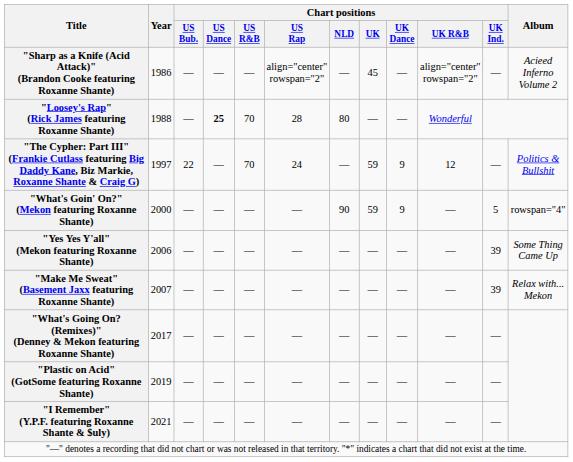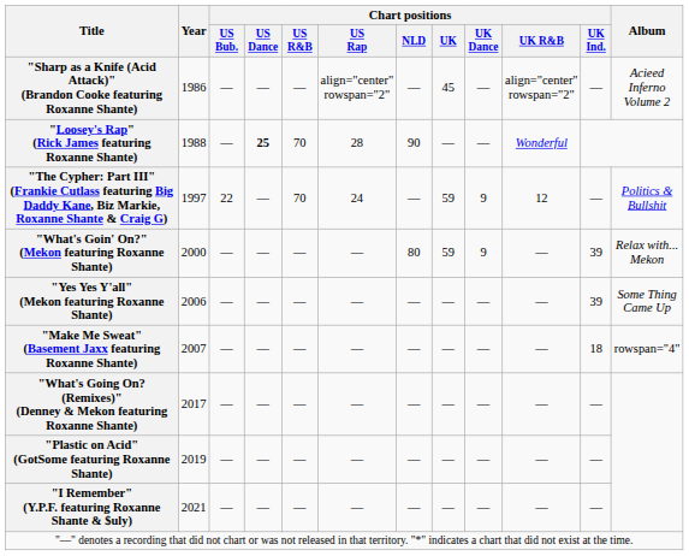 <table class="wikitable plainrowheaders" style="text-align:center;" border="1">
 <tr>
 <th scope="col" rowspan="2" style="width:18em;">Title</th>
 <th scope="col" rowspan="2">Year</th>
 <th scope="col" colspan="9">Chart positions</th>
 <th scope="col" rowspan="2">Album</th>
 </tr>
 <tr>
 <th scope="col" style="width:3em;font-size:90%;"><a href='#'>US Bub.</a><br></th>
 <th scope="col" style="width:3em;font-size:90%;"><a href='#'>US Dance</a><br></th>
 <th scope="col" style="width:3em;font-size:90%;"><a href='#'>US R&B</a><br></th>
 <th scope="col" style="width:3em;font-size:90%;"><a href='#'>US<br> Rap</a><br></th>
 <th scope="col" style="width:3em;font-size:90%;"><a href='#'>NLD</a><br></th>
 <th scope="col" style="width:3em;font-size:90%;"><a href='#'>UK</a><br></th>
 <th scope="col" style="width:3em;font-size:90%;"><a href='#'>UK Dance</a><br></th>
 <th scope="col" style="width:3em;font-size:90%;"><a href='#'>UK R&B</a><br></th>
 <th scope="col" style="width:2.5em;font-size:90%;"><a href='#'>UK Ind.</a><br></th>
 </tr>
 <tr>
 <th scope="row">"Sharp as a Knife (Acid Attack)"<br><span>(Brandon Cooke featuring Roxanne Shante)</span></th>
 <td>1986</td>
 <td align="center">—</td>
 <td align="center">—</td>
 <td align="center">—</td>
 <td>align="center" rowspan="2" </td>
 <td align="center">—</td>
 <td align="center">45</td>
 <td align="center">—</td>
 <td>align="center" rowspan="2" </td>
 <td align="center">—</td>
 <td><em>Acieed Inferno Volume 2</em></td>
 </tr>
 <tr>
 <th scope="row">"<a href='#'>Loosey's Rap</a>"<br><span>(<a href='#'>Rick James</a> featuring Roxanne Shante)</span></th>
 <td>1988</td>
 <td align="center">—</td>
 <td align="center"><strong>25</strong></td>
 <td align="center">70</td>
 <td align="center">28</td>
-<td align="center">80</td>
+<td align="center">90</td>
 <td align="center">—</td>
 <td align="center">—</td>
 <td><em><a href='#'>Wonderful</a></em></td>
 </tr>
 <tr>
 <th scope="row">"The Cypher: Part III"<br><span>(<a href='#'>Frankie Cutlass</a> featuring <a href='#'>Big Daddy Kane</a>, Biz Markie, <a href='#'>Roxanne Shante</a> & <a href='#'>Craig G</a>)</span></th>
 <td>1997</td>
 <td align="center">22</td>
 <td align="center">—</td>
 <td align="center">70</td>
 <td align="center">24</td>
 <td align="center">—</td>
 <td align="center">59</td>
 <td align="center">9</td>
 <td align="center">12</td>
 <td align="center">—</td>
 <td><em><a href='#'>Politics & Bullshit</a></em></td>
 </tr>
 <tr>
 <th scope="row">"What's Goin' On?"<br><span>(<a href='#'>Mekon</a> featuring Roxanne Shante)</span></th>
 <td>2000</td>
 <td align="center">—</td>
 <td align="center">—</td>
 <td align="center">—</td>
 <td align="center">—</td>
-<td align="center">90</td>
+<td align="center">80</td>
 <td align="center">59</td>
 <td align="center">9</td>
 <td align="center">—</td>
-<td align="center">5</td>
-<td>rowspan="4" </td>
+<td align="center">39</td>
+<td><em>Relax with... Mekon</em></td>
 </tr>
 <tr>
 <th scope="row">"Yes Yes Y'all"<br><span>(Mekon featuring Roxanne Shante)</span></th>
 <td>2006</td>
 <td align="center">—</td>
 <td align="center">—</td>
 <td align="center">—</td>
 <td align="center">—</td>
 <td align="center">—</td>
 <td align="center">—</td>
 <td align="center">—</td>
 <td align="center">—</td>
 <td align="center">39</td>
 <td><em>Some Thing Came Up</em></td>
 </tr>
 <tr>
 <th scope="row">"Make Me Sweat"<br><span>(<a href='#'>Basement Jaxx</a>  featuring Roxanne Shante)</span></th>
 <td>2007</td>
 <td align="center">—</td>
 <td align="center">—</td>
 <td align="center">—</td>
 <td align="center">—</td>
 <td align="center">—</td>
 <td align="center">—</td>
 <td align="center">—</td>
 <td align="center">—</td>
-<td align="center">39</td>
-<td><em>Relax with... Mekon</em></td>
+<td align="center">18</td>
+<td>rowspan="4" </td>
 </tr>
 <tr>
 <th scope="row">"What's Going On? (Remixes)"<br><span>(Denney & Mekon featuring Roxanne Shante)</span></th>
 <td>2017</td>
 <td align="center">—</td>
 <td align="center">—</td>
 <td align="center">—</td>
 <td align="center">—</td>
 <td align="center">—</td>
 <td align="center">—</td>
 <td align="center">—</td>
 <td align="center">—</td>
 <td align="center">—</td>
 </tr>
 <tr>
 <th scope="row">"Plastic on Acid"<br><span>(GotSome featuring Roxanne Shante)</span></th>
 <td>2019</td>
 <td align="center">—</td>
 <td align="center">—</td>
 <td align="center">—</td>
 <td align="center">—</td>
 <td align="center">—</td>
 <td align="center">—</td>
 <td align="center">—</td>
 <td align="center">—</td>
 <td align="center">—</td>
 </tr>
 <tr>
 <th scope="row">"I Remember"<br><span>(Y.P.F. featuring Roxanne Shante & $uly)</span></th>
 <td>2021</td>
 <td align="center">—</td>
 <td align="center">—</td>
 <td align="center">—</td>
 <td align="center">—</td>
 <td align="center">—</td>
 <td align="center">—</td>
 <td align="center">—</td>
 <td align="center">—</td>
 <td align="center">—</td>
 </tr>
 <tr>
 <td colspan="15" style="font-size:90%">"—" denotes a recording that did not chart or was not released in that territory. "*" indicates a chart that did not exist at the time.</td>
 </tr>
 </table>
